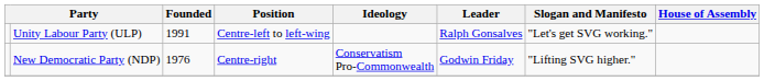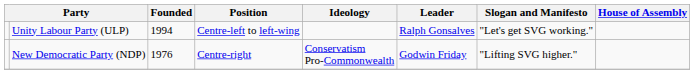 <table class="wikitable sortable">
 <tr>
 <th colspan="2">Party</th>
 <th>Founded</th>
 <th>Position</th>
 <th>Ideology</th>
 <th>Leader<br></th>
 <th>Slogan and Manifesto</th>
 <th><a href='#'>House of Assembly</a></th>
 </tr>
 <tr>
 <td></td>
 <td><a href='#'>Unity Labour Party</a> (ULP)</td>
-<td>1991</td>
+<td>1994</td>
 <td><a href='#'>Centre-left</a> to <a href='#'>left-wing</a></td>
 <td></td>
 <td><a href='#'>Ralph Gonsalves</a><br></td>
 <td>"Let's get SVG working."</td>
 <td></td>
 </tr>
 <tr>
 <td></td>
 <td><a href='#'>New Democratic Party</a> (NDP)</td>
 <td>1976</td>
 <td><a href='#'>Centre-right</a></td>
 <td><a href='#'>Conservatism</a><br>Pro-<a href='#'>Commonwealth</a></td>
 <td><a href='#'>Godwin Friday</a><br></td>
 <td>"Lifting SVG higher."</td>
 <td></td>
 </tr>
 <tr>
 </tr>
 </table>
